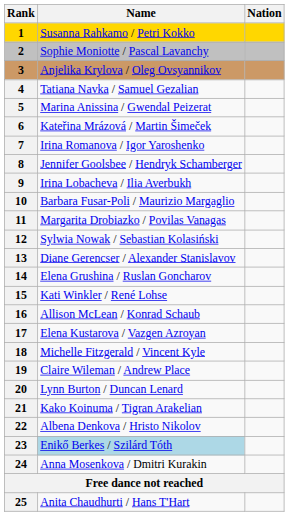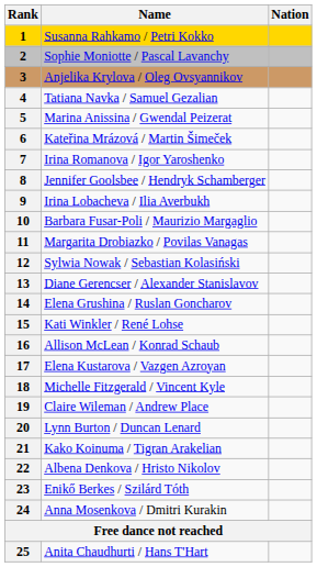 <table class="wikitable">
 <tr>
 <th>Rank</th>
 <th>Name</th>
 <th>Nation</th>
 </tr>
 <tr bgcolor="gold">
 <td align="center"><strong>1</strong></td>
 <td><a href='#'>Susanna Rahkamo</a> / <a href='#'>Petri Kokko</a></td>
 <td></td>
 </tr>
 <tr bgcolor="silver">
 <td align="center"><strong>2</strong></td>
 <td><a href='#'>Sophie Moniotte</a> / <a href='#'>Pascal Lavanchy</a></td>
 <td></td>
 </tr>
 <tr bgcolor="cc9966">
 <td align="center"><strong>3</strong></td>
 <td><a href='#'>Anjelika Krylova</a> / <a href='#'>Oleg Ovsyannikov</a></td>
 <td></td>
 </tr>
 <tr>
 <th>4</th>
 <td><a href='#'>Tatiana Navka</a> / <a href='#'>Samuel Gezalian</a></td>
 <td></td>
 </tr>
 <tr>
 <th>5</th>
 <td><a href='#'>Marina Anissina</a> / <a href='#'>Gwendal Peizerat</a></td>
 <td></td>
 </tr>
 <tr>
 <th>6</th>
 <td><a href='#'>Kateřina Mrázová</a> / <a href='#'>Martin Šimeček</a></td>
 <td></td>
 </tr>
 <tr>
 <th>7</th>
 <td><a href='#'>Irina Romanova</a> / <a href='#'>Igor Yaroshenko</a></td>
 <td></td>
 </tr>
 <tr>
 <th>8</th>
 <td><a href='#'>Jennifer Goolsbee</a> / <a href='#'>Hendryk Schamberger</a></td>
 <td></td>
 </tr>
 <tr>
 <th>9</th>
 <td><a href='#'>Irina Lobacheva</a> / <a href='#'>Ilia Averbukh</a></td>
 <td></td>
 </tr>
 <tr>
 <th>10</th>
 <td><a href='#'>Barbara Fusar-Poli</a> / <a href='#'>Maurizio Margaglio</a></td>
 <td></td>
 </tr>
 <tr>
 <th>11</th>
 <td><a href='#'>Margarita Drobiazko</a> / <a href='#'>Povilas Vanagas</a></td>
 <td></td>
 </tr>
 <tr>
 <th>12</th>
 <td><a href='#'>Sylwia Nowak</a> / <a href='#'>Sebastian Kolasiński</a></td>
 <td></td>
 </tr>
 <tr>
 <th>13</th>
 <td><a href='#'>Diane Gerencser</a> / <a href='#'>Alexander Stanislavov</a></td>
 <td></td>
 </tr>
 <tr>
 <th>14</th>
 <td><a href='#'>Elena Grushina</a> / <a href='#'>Ruslan Goncharov</a></td>
 <td></td>
 </tr>
 <tr>
 <th>15</th>
 <td><a href='#'>Kati Winkler</a> / <a href='#'>René Lohse</a></td>
 <td></td>
 </tr>
 <tr>
 <th>16</th>
 <td><a href='#'>Allison McLean</a> / <a href='#'>Konrad Schaub</a></td>
 <td></td>
 </tr>
 <tr>
 <th>17</th>
 <td><a href='#'>Elena Kustarova</a> / <a href='#'>Vazgen Azroyan</a></td>
 <td></td>
 </tr>
 <tr>
 <th>18</th>
 <td><a href='#'>Michelle Fitzgerald</a> / <a href='#'>Vincent Kyle</a></td>
 <td></td>
 </tr>
 <tr>
 <th>19</th>
 <td><a href='#'>Claire Wileman</a> / <a href='#'>Andrew Place</a></td>
 <td></td>
 </tr>
 <tr>
 <th>20</th>
 <td><a href='#'>Lynn Burton</a> / <a href='#'>Duncan Lenard</a></td>
 <td></td>
 </tr>
 <tr>
 <th>21</th>
 <td><a href='#'>Kako Koinuma</a> / <a href='#'>Tigran Arakelian</a></td>
 <td></td>
 </tr>
 <tr>
 <th>22</th>
 <td><a href='#'>Albena Denkova</a> / <a href='#'>Hristo Nikolov</a></td>
 <td></td>
 </tr>
 <tr>
 <th>23</th>
-<td style="background: lightblue;"><a href='#'>Enikő Berkes</a> / <a href='#'>Szilárd Tóth</a></td>
+<td><a href='#'>Enikő Berkes</a> / <a href='#'>Szilárd Tóth</a></td>
 <td></td>
 </tr>
 <tr>
 <th>24</th>
 <td><a href='#'>Anna Mosenkova</a> / Dmitri Kurakin</td>
 <td></td>
 </tr>
 <tr>
 <th colspan=3>Free dance not reached</th>
 </tr>
 <tr>
 <th>25</th>
 <td><a href='#'>Anita Chaudhurti</a> / <a href='#'>Hans T'Hart</a></td>
 <td></td>
 </tr>
 </table>
